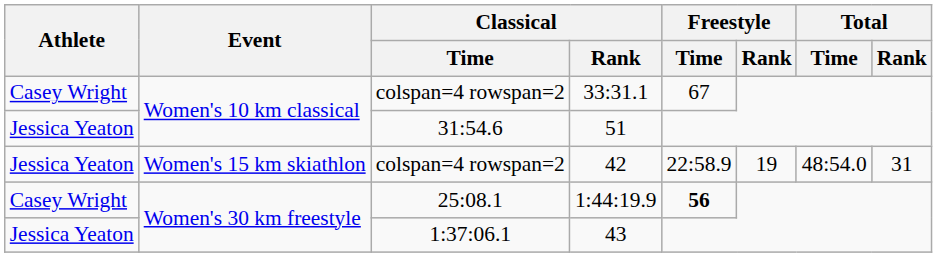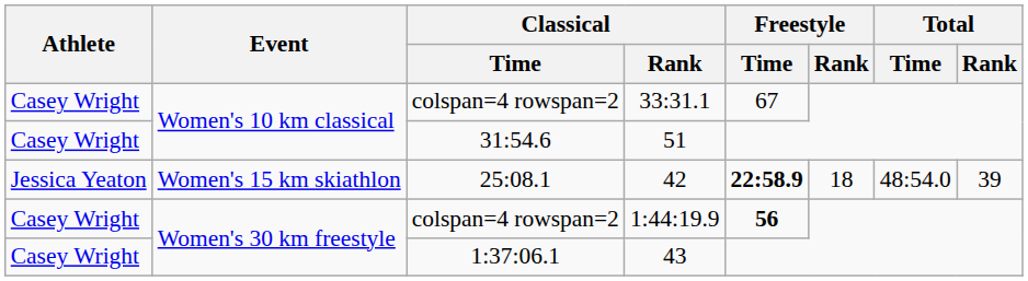 <table class=wikitable style=font-size:90%;text-align:center>
 <tr>
 <th rowspan=2>Athlete</th>
 <th rowspan=2>Event</th>
 <th colspan=2>Classical</th>
 <th colspan=2>Freestyle</th>
 <th colspan=2>Total</th>
 </tr>
 <tr style=ont-size:95%>
 <th>Time</th>
 <th>Rank</th>
 <th>Time</th>
 <th>Rank</th>
 <th>Time</th>
 <th>Rank</th>
 </tr>
 <tr>
 <td align=left><a href='#'>Casey Wright</a></td>
 <td align=left rowspan=2><a href='#'>Women's 10 km classical</a></td>
 <td>colspan=4 rowspan=2 </td>
 <td>33:31.1</td>
 <td>67</td>
 </tr>
 <tr>
-<td align=left><a href='#'>Jessica Yeaton</a></td>
+<td align=left><a href='#'>Casey Wright</a></td>
 <td>31:54.6</td>
 <td>51</td>
 </tr>
 <tr>
 <td align=left><a href='#'>Jessica Yeaton</a></td>
 <td align=left><a href='#'>Women's 15 km skiathlon</a></td>
-<td>colspan=4 rowspan=2 </td>
+<td>25:08.1</td>
 <td>42</td>
-<td>22:58.9</td>
-<td>19</td>
+<td><strong>22:58.9</strong></td>
+<td>18</td>
 <td>48:54.0</td>
-<td>31</td>
+<td>39</td>
 </tr>
 <tr>
 <td align=left><a href='#'>Casey Wright</a></td>
 <td align=left rowspan=2><a href='#'>Women's 30 km freestyle</a></td>
-<td>25:08.1</td>
+<td>colspan=4 rowspan=2 </td>
 <td>1:44:19.9</td>
 <td><strong>56</strong></td>
 </tr>
 <tr>
-<td align=left><a href='#'>Jessica Yeaton</a></td>
+<td align=left><a href='#'>Casey Wright</a></td>
 <td>1:37:06.1</td>
 <td>43</td>
 </tr>
 </table>
